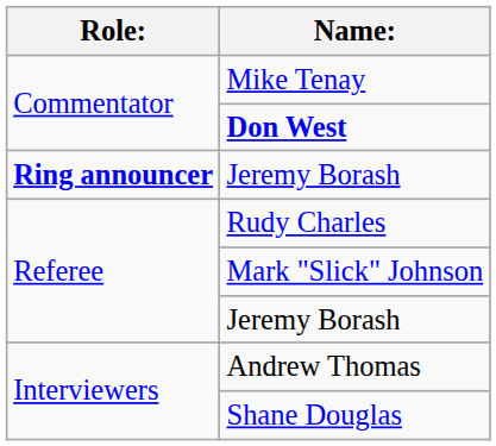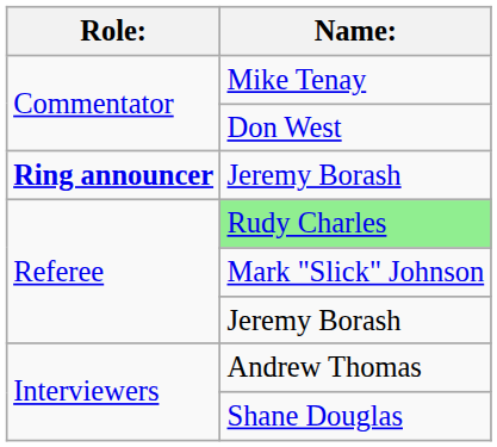 <table class=wikitable style="font-size:90%; margin: 0.5em 0 0.5em 1em; float: right; clear: right;">
 <tr>
 <th>Role:</th>
 <th>Name:</th>
 </tr>
 <tr>
 <td rowspan=2><a href='#'>Commentator</a></td>
 <td><a href='#'>Mike Tenay</a></td>
 </tr>
 <tr>
-<td><strong><a href='#'>Don West</a></strong></td>
+<td><a href='#'>Don West</a></td>
 </tr>
 <tr>
 <td rowspan=1><strong><a href='#'>Ring announcer</a></strong></td>
 <td><a href='#'>Jeremy Borash</a></td>
 </tr>
 <tr>
 <td rowspan=3><a href='#'>Referee</a></td>
-<td><a href='#'>Rudy Charles</a></td>
+<td style="background: lightgreen;"><a href='#'>Rudy Charles</a></td>
 </tr>
 <tr>
 <td><a href='#'>Mark "Slick" Johnson</a></td>
 </tr>
 <tr>
 <td>Jeremy Borash</td>
 </tr>
 <tr>
 <td rowspan=2><a href='#'>Interviewers</a></td>
 <td>Andrew Thomas</td>
 </tr>
 <tr>
 <td><a href='#'>Shane Douglas</a></td>
 </tr>
 </table>
